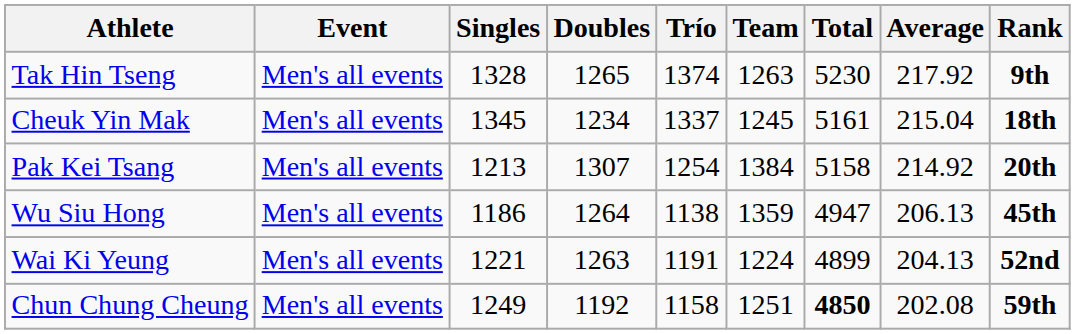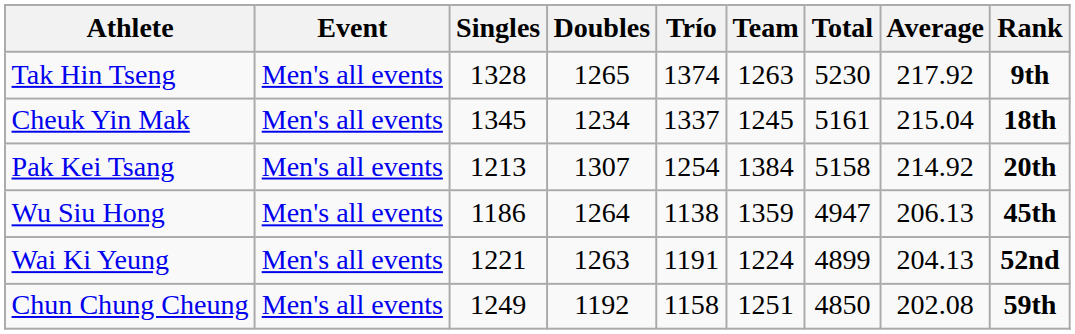 <table class="wikitable" border="1" style="font-size:90%">
 <tr>
 <th>Athlete</th>
 <th>Event</th>
 <th>Singles</th>
 <th>Doubles</th>
 <th>Trío</th>
 <th>Team</th>
 <th>Total</th>
 <th>Average</th>
 <th>Rank</th>
 </tr>
 <tr>
 <td><a href='#'>Tak Hin Tseng</a></td>
 <td><a href='#'>Men's all events</a></td>
 <td align=center>1328</td>
 <td align=center>1265</td>
 <td align=center>1374</td>
 <td align=center>1263</td>
 <td align=center>5230</td>
 <td align=center>217.92</td>
 <td align=center><strong>9th</strong></td>
 </tr>
 <tr>
 <td><a href='#'>Cheuk Yin Mak</a></td>
 <td><a href='#'>Men's all events</a></td>
 <td align=center>1345</td>
 <td align=center>1234</td>
 <td align=center>1337</td>
 <td align=center>1245</td>
 <td align=center>5161</td>
 <td align=center>215.04</td>
 <td align=center><strong>18th</strong></td>
 </tr>
 <tr>
 <td><a href='#'>Pak Kei Tsang</a></td>
 <td><a href='#'>Men's all events</a></td>
 <td align=center>1213</td>
 <td align=center>1307</td>
 <td align=center>1254</td>
 <td align=center>1384</td>
 <td align=center>5158</td>
 <td align=center>214.92</td>
 <td align=center><strong>20th</strong></td>
 </tr>
 <tr>
 <td><a href='#'>Wu Siu Hong</a></td>
 <td><a href='#'>Men's all events</a></td>
 <td align=center>1186</td>
 <td align=center>1264</td>
 <td align=center>1138</td>
 <td align=center>1359</td>
 <td align=center>4947</td>
 <td align=center>206.13</td>
 <td align=center><strong>45th</strong></td>
 </tr>
 <tr>
 <td><a href='#'>Wai Ki Yeung</a></td>
 <td><a href='#'>Men's all events</a></td>
 <td align=center>1221</td>
 <td align=center>1263</td>
 <td align=center>1191</td>
 <td align=center>1224</td>
 <td align=center>4899</td>
 <td align=center>204.13</td>
 <td align=center><strong>52nd</strong></td>
 </tr>
 <tr>
 <td><a href='#'>Chun Chung Cheung</a></td>
 <td><a href='#'>Men's all events</a></td>
 <td align=center>1249</td>
 <td align=center>1192</td>
 <td align=center>1158</td>
 <td align=center>1251</td>
-<td align=center><strong>4850</strong></td>
+<td align=center>4850</td>
 <td align=center>202.08</td>
 <td align=center><strong>59th</strong></td>
 </tr>
 </table>
